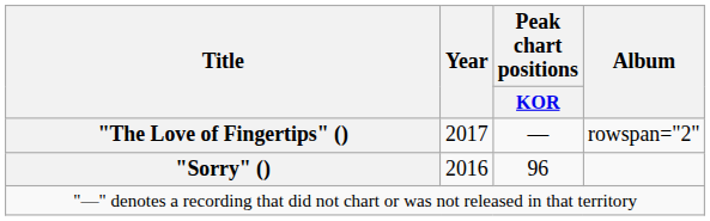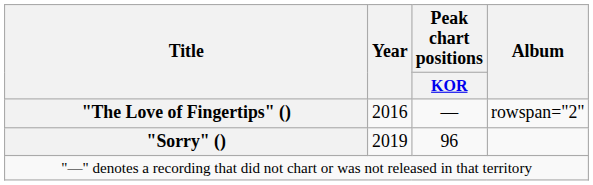 <table class="wikitable plainrowheaders" style="text-align:center" border="1">
 <tr>
 <th scope="col" rowspan="2" style="width:20em">Title</th>
 <th scope="col" rowspan="2">Year</th>
 <th scope="col" colspan="1">Peak chart positions</th>
 <th scope="col" rowspan="2">Album</th>
 </tr>
 <tr>
 <th scope="col" style="width:3em;font-size:90%"><a href='#'>KOR</a><br></th>
 </tr>
 <tr>
 <th scope="row">"The Love of Fingertips" () <br> </th>
-<td>2017</td>
+<td>2016</td>
 <td>—</td>
 <td>rowspan="2" </td>
 </tr>
 <tr>
 <th scope="row">"Sorry" () <br></th>
-<td>2016</td>
+<td>2019</td>
 <td>96</td>
 </tr>
 <tr>
 <td colspan="4" style="font-size:85%">"—" denotes a recording that did not chart or was not released in that territory</td>
 </tr>
 </table>
